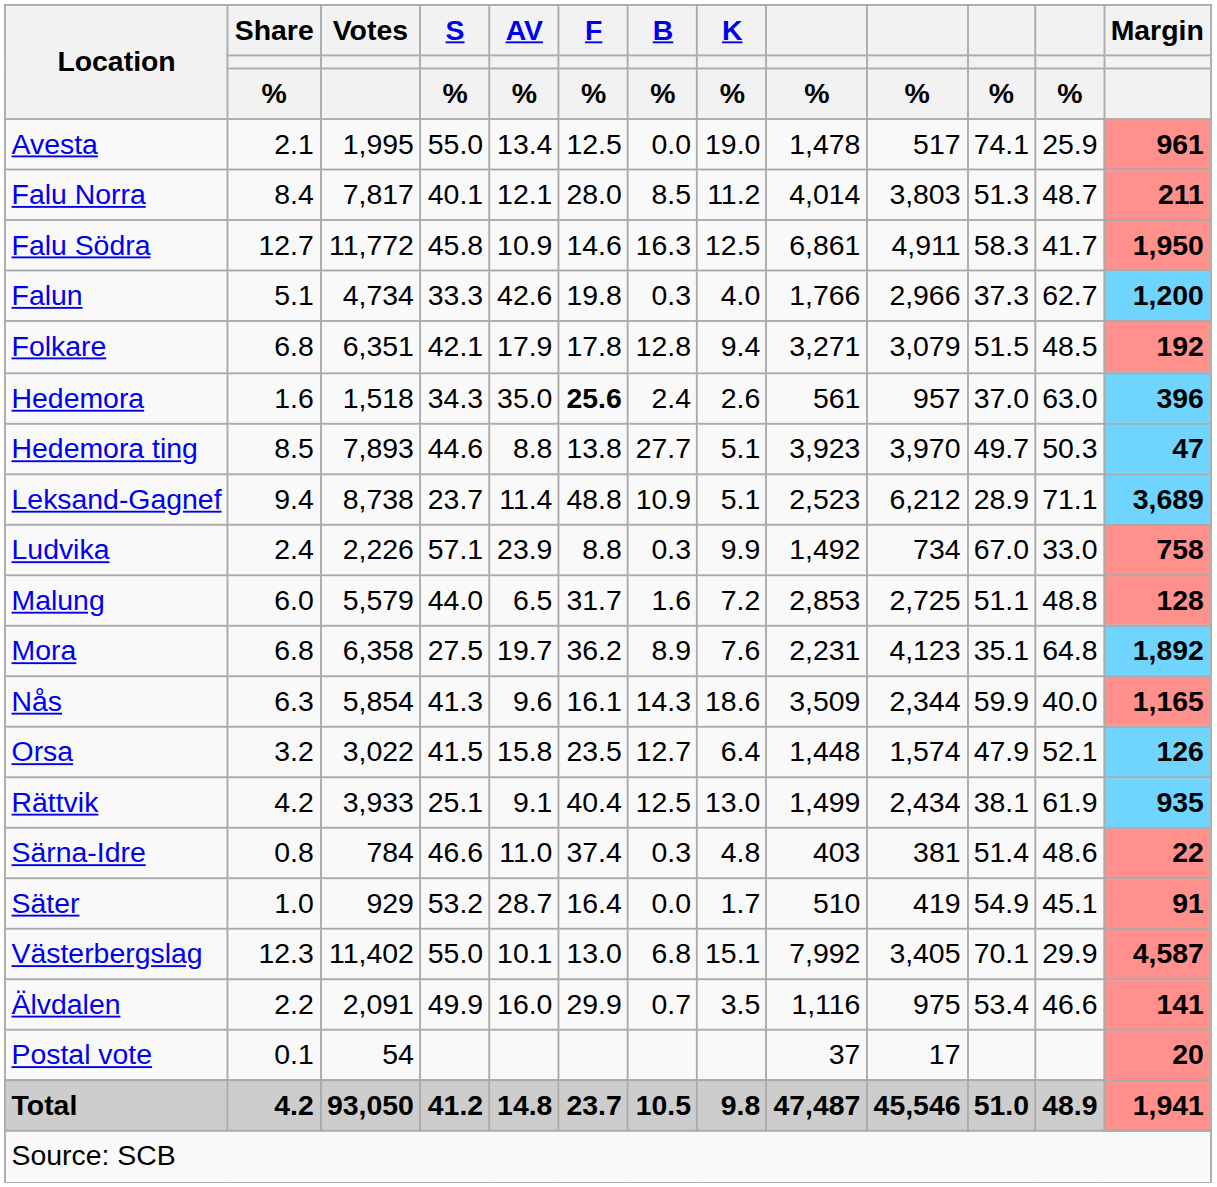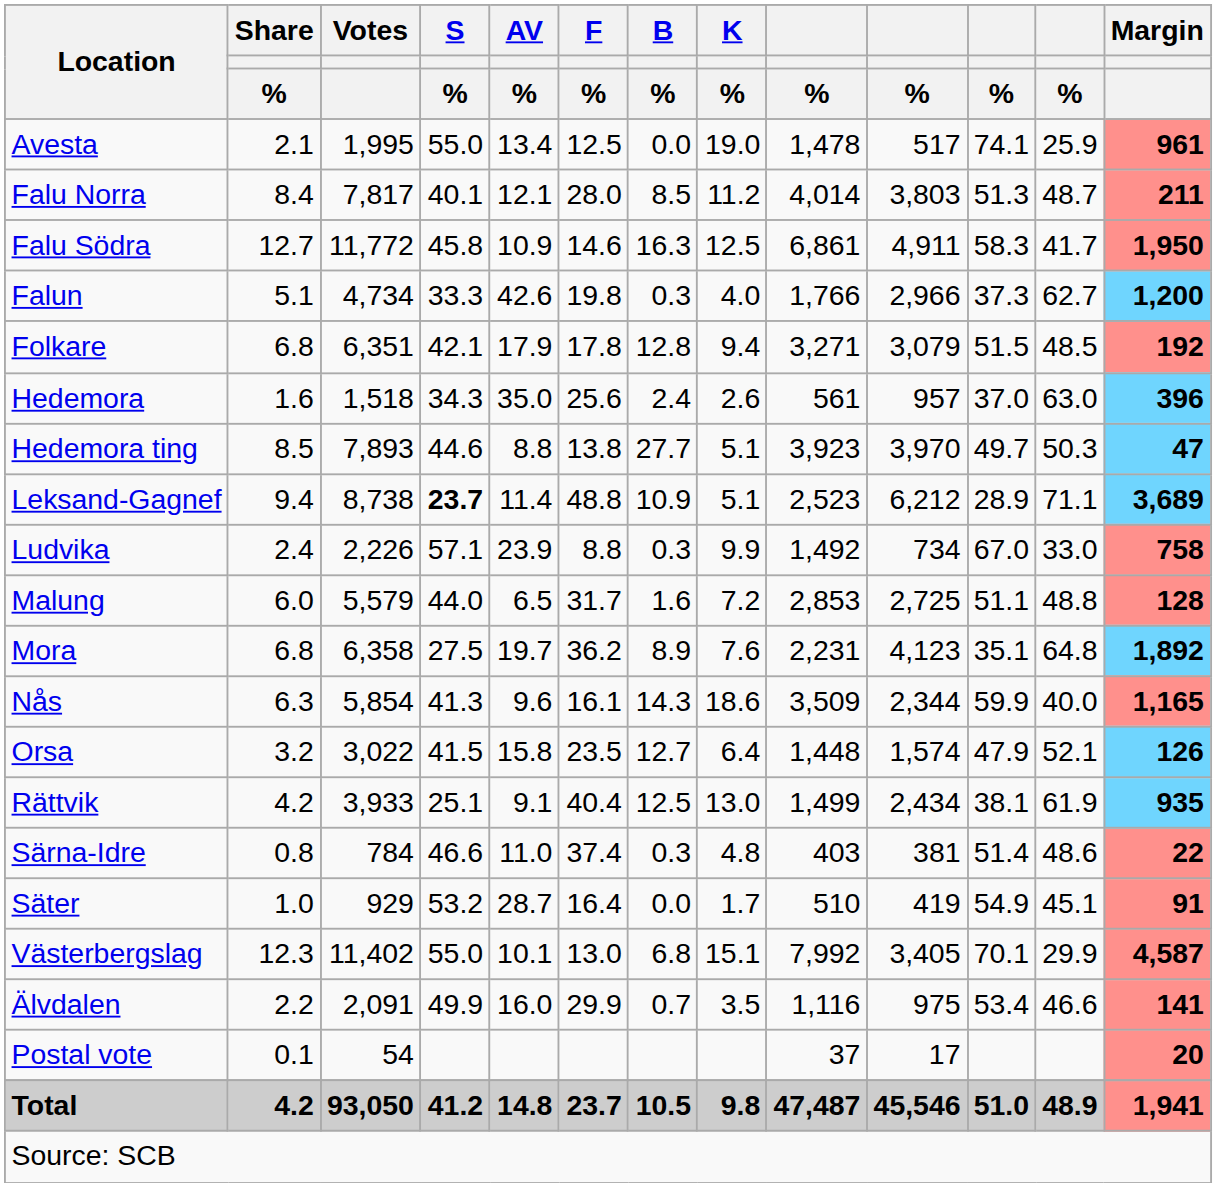 <table class="wikitable sortable" style="text-align:right; font-size:95%; line-height:20px;">
 <tr>
 <th rowspan="3">Location</th>
 <th>Share</th>
 <th>Votes</th>
 <th width="30px" class="unsortable"><a href='#'>S</a></th>
 <th width="30px" class="unsortable"><a href='#'>AV</a></th>
 <th width="30px" class="unsortable"><a href='#'>F</a></th>
 <th width="30px" class="unsortable"><a href='#'>B</a></th>
 <th width="30px" class="unsortable"><a href='#'>K</a></th>
 <th></th>
 <th></th>
 <th></th>
 <th></th>
 <th>Margin</th>
 </tr>
 <tr>
 <th></th>
 <th></th>
 <th style="background:"></th>
 <th style="background:"></th>
 <th style="background:"></th>
 <th style="background:"></th>
 <th style="background:"></th>
 <th style="background:"></th>
 <th style="background:"></th>
 <th style="background:"></th>
 <th style="background:"></th>
 <th></th>
 </tr>
 <tr>
 <th data-sort-type="number">%</th>
 <th></th>
 <th data-sort-type="number">%</th>
 <th data-sort-type="number">%</th>
 <th data-sort-type="number">%</th>
 <th data-sort-type="number">%</th>
 <th data-sort-type="number">%</th>
 <th data-sort-type="number">%</th>
 <th data-sort-type="number">%</th>
 <th data-sort-type="number">%</th>
 <th data-sort-type="number">%</th>
 <th></th>
 </tr>
 <tr>
 <td align=left><a href='#'>Avesta</a></td>
 <td>2.1</td>
 <td>1,995</td>
 <td>55.0</td>
 <td>13.4</td>
 <td>12.5</td>
 <td>0.0</td>
 <td>19.0</td>
 <td>1,478</td>
 <td>517</td>
 <td>74.1</td>
 <td>25.9</td>
 <td bgcolor=#ff908c><strong>961</strong></td>
 </tr>
 <tr>
 <td align=left><a href='#'>Falu Norra</a></td>
 <td>8.4</td>
 <td>7,817</td>
 <td>40.1</td>
 <td>12.1</td>
 <td>28.0</td>
 <td>8.5</td>
 <td>11.2</td>
 <td>4,014</td>
 <td>3,803</td>
 <td>51.3</td>
 <td>48.7</td>
 <td bgcolor=#ff908c><strong>211</strong></td>
 </tr>
 <tr>
 <td align=left><a href='#'>Falu Södra</a></td>
 <td>12.7</td>
 <td>11,772</td>
 <td>45.8</td>
 <td>10.9</td>
 <td>14.6</td>
 <td>16.3</td>
 <td>12.5</td>
 <td>6,861</td>
 <td>4,911</td>
 <td>58.3</td>
 <td>41.7</td>
 <td bgcolor=#ff908c><strong>1,950</strong></td>
 </tr>
 <tr>
 <td align=left><a href='#'>Falun</a></td>
 <td>5.1</td>
 <td>4,734</td>
 <td>33.3</td>
 <td>42.6</td>
 <td>19.8</td>
 <td>0.3</td>
 <td>4.0</td>
 <td>1,766</td>
 <td>2,966</td>
 <td>37.3</td>
 <td>62.7</td>
 <td bgcolor=#6fd5fe><strong>1,200</strong></td>
 </tr>
 <tr>
 <td align=left><a href='#'>Folkare</a></td>
 <td>6.8</td>
 <td>6,351</td>
 <td>42.1</td>
 <td>17.9</td>
 <td>17.8</td>
 <td>12.8</td>
 <td>9.4</td>
 <td>3,271</td>
 <td>3,079</td>
 <td>51.5</td>
 <td>48.5</td>
 <td bgcolor=#ff908c><strong>192</strong></td>
 </tr>
 <tr>
 <td align=left><a href='#'>Hedemora</a></td>
 <td>1.6</td>
 <td>1,518</td>
 <td>34.3</td>
 <td>35.0</td>
-<td><strong>25.6</strong></td>
+<td>25.6</td>
 <td>2.4</td>
 <td>2.6</td>
 <td>561</td>
 <td>957</td>
 <td>37.0</td>
 <td>63.0</td>
 <td bgcolor=#6fd5fe><strong>396</strong></td>
 </tr>
 <tr>
 <td align=left><a href='#'>Hedemora ting</a></td>
 <td>8.5</td>
 <td>7,893</td>
 <td>44.6</td>
 <td>8.8</td>
 <td>13.8</td>
 <td>27.7</td>
 <td>5.1</td>
 <td>3,923</td>
 <td>3,970</td>
 <td>49.7</td>
 <td>50.3</td>
 <td bgcolor=#6fd5fe><strong>47</strong></td>
 </tr>
 <tr>
 <td align=left><a href='#'>Leksand-Gagnef</a></td>
 <td>9.4</td>
 <td>8,738</td>
-<td>23.7</td>
+<td><strong>23.7</strong></td>
 <td>11.4</td>
 <td>48.8</td>
 <td>10.9</td>
 <td>5.1</td>
 <td>2,523</td>
 <td>6,212</td>
 <td>28.9</td>
 <td>71.1</td>
 <td bgcolor=#6fd5fe><strong>3,689</strong></td>
 </tr>
 <tr>
 <td align=left><a href='#'>Ludvika</a></td>
 <td>2.4</td>
 <td>2,226</td>
 <td>57.1</td>
 <td>23.9</td>
 <td>8.8</td>
 <td>0.3</td>
 <td>9.9</td>
 <td>1,492</td>
 <td>734</td>
 <td>67.0</td>
 <td>33.0</td>
 <td bgcolor=#ff908c><strong>758</strong></td>
 </tr>
 <tr>
 <td align=left><a href='#'>Malung</a></td>
 <td>6.0</td>
 <td>5,579</td>
 <td>44.0</td>
 <td>6.5</td>
 <td>31.7</td>
 <td>1.6</td>
 <td>7.2</td>
 <td>2,853</td>
 <td>2,725</td>
 <td>51.1</td>
 <td>48.8</td>
 <td bgcolor=#ff908c><strong>128</strong></td>
 </tr>
 <tr>
 <td align=left><a href='#'>Mora</a></td>
 <td>6.8</td>
 <td>6,358</td>
 <td>27.5</td>
 <td>19.7</td>
 <td>36.2</td>
 <td>8.9</td>
 <td>7.6</td>
 <td>2,231</td>
 <td>4,123</td>
 <td>35.1</td>
 <td>64.8</td>
 <td bgcolor=#6fd5fe><strong>1,892</strong></td>
 </tr>
 <tr>
 <td align=left><a href='#'>Nås</a></td>
 <td>6.3</td>
 <td>5,854</td>
 <td>41.3</td>
 <td>9.6</td>
 <td>16.1</td>
 <td>14.3</td>
 <td>18.6</td>
 <td>3,509</td>
 <td>2,344</td>
 <td>59.9</td>
 <td>40.0</td>
 <td bgcolor=#ff908c><strong>1,165</strong></td>
 </tr>
 <tr>
 <td align=left><a href='#'>Orsa</a></td>
 <td>3.2</td>
 <td>3,022</td>
 <td>41.5</td>
 <td>15.8</td>
 <td>23.5</td>
 <td>12.7</td>
 <td>6.4</td>
 <td>1,448</td>
 <td>1,574</td>
 <td>47.9</td>
 <td>52.1</td>
 <td bgcolor=#6fd5fe><strong>126</strong></td>
 </tr>
 <tr>
 <td align=left><a href='#'>Rättvik</a></td>
 <td>4.2</td>
 <td>3,933</td>
 <td>25.1</td>
 <td>9.1</td>
 <td>40.4</td>
 <td>12.5</td>
 <td>13.0</td>
 <td>1,499</td>
 <td>2,434</td>
 <td>38.1</td>
 <td>61.9</td>
 <td bgcolor=#6fd5fe><strong>935</strong></td>
 </tr>
 <tr>
 <td align=left><a href='#'>Särna-Idre</a></td>
 <td>0.8</td>
 <td>784</td>
 <td>46.6</td>
 <td>11.0</td>
 <td>37.4</td>
 <td>0.3</td>
 <td>4.8</td>
 <td>403</td>
 <td>381</td>
 <td>51.4</td>
 <td>48.6</td>
 <td bgcolor=#ff908c><strong>22</strong></td>
 </tr>
 <tr>
 <td align=left><a href='#'>Säter</a></td>
 <td>1.0</td>
 <td>929</td>
 <td>53.2</td>
 <td>28.7</td>
 <td>16.4</td>
 <td>0.0</td>
 <td>1.7</td>
 <td>510</td>
 <td>419</td>
 <td>54.9</td>
 <td>45.1</td>
 <td bgcolor=#ff908c><strong>91</strong></td>
 </tr>
 <tr>
 <td align=left><a href='#'>Västerbergslag</a></td>
 <td>12.3</td>
 <td>11,402</td>
 <td>55.0</td>
 <td>10.1</td>
 <td>13.0</td>
 <td>6.8</td>
 <td>15.1</td>
 <td>7,992</td>
 <td>3,405</td>
 <td>70.1</td>
 <td>29.9</td>
 <td bgcolor=#ff908c><strong>4,587</strong></td>
 </tr>
 <tr>
 <td align=left><a href='#'>Älvdalen</a></td>
 <td>2.2</td>
 <td>2,091</td>
 <td>49.9</td>
 <td>16.0</td>
 <td>29.9</td>
 <td>0.7</td>
 <td>3.5</td>
 <td>1,116</td>
 <td>975</td>
 <td>53.4</td>
 <td>46.6</td>
 <td bgcolor=#ff908c><strong>141</strong></td>
 </tr>
 <tr>
 <td align=left><a href='#'>Postal vote</a></td>
 <td>0.1</td>
 <td>54</td>
 <td></td>
 <td></td>
 <td></td>
 <td></td>
 <td></td>
 <td>37</td>
 <td>17</td>
 <td></td>
 <td></td>
 <td bgcolor=#ff908c><strong>20</strong></td>
 </tr>
 <tr>
 </tr>
 <tr style="background:#CDCDCD;">
 <td align=left><strong>Total</strong></td>
 <td><strong>4.2</strong></td>
 <td><strong>93,050</strong></td>
 <td><strong>41.2</strong></td>
 <td><strong>14.8</strong></td>
 <td><strong>23.7</strong></td>
 <td><strong>10.5</strong></td>
 <td><strong>9.8</strong></td>
 <td><strong>47,487</strong></td>
 <td><strong>45,546</strong></td>
 <td><strong>51.0</strong></td>
 <td><strong>48.9</strong></td>
 <td bgcolor=#ff908c><strong>1,941</strong></td>
 </tr>
 <tr>
 <td align=left colspan=13>Source: SCB </td>
 </tr>
 </table>
